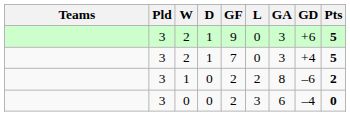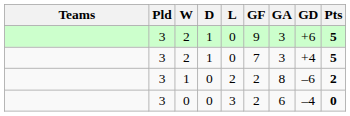 <table class="wikitable" style="text-align: center;">
 <tr>
 <th width=165>Teams</th>
 <th width=20>Pld</th>
 <th width=20>W</th>
 <th width=20>D</th>
+<th width=20>L</th>
 <th width=20>GF</th>
-<th width=20>L</th>
 <th width=20>GA</th>
 <th width=20>GD</th>
 <th width=20>Pts</th>
 </tr>
 <tr align=center style="background:#ccffcc;">
 <td style="text-align:left;"></td>
 <td>3</td>
 <td>2</td>
 <td>1</td>
+<td>0</td>
 <td>9</td>
-<td>0</td>
 <td>3</td>
 <td>+6</td>
 <td><strong>5</strong></td>
 </tr>
 <tr align=center>
 <td style="text-align:left;"></td>
 <td>3</td>
 <td>2</td>
 <td>1</td>
+<td>0</td>
 <td>7</td>
-<td>0</td>
 <td>3</td>
 <td>+4</td>
 <td><strong>5</strong></td>
 </tr>
 <tr align=center>
 <td style="text-align:left;"></td>
 <td>3</td>
 <td>1</td>
 <td>0</td>
 <td>2</td>
 <td>2</td>
 <td>8</td>
 <td>–6</td>
 <td><strong>2</strong></td>
 </tr>
 <tr align=center>
 <td style="text-align:left;"></td>
 <td>3</td>
 <td>0</td>
 <td>0</td>
+<td>3</td>
 <td>2</td>
-<td>3</td>
 <td>6</td>
 <td>–4</td>
 <td><strong>0</strong></td>
 </tr>
 </table>
